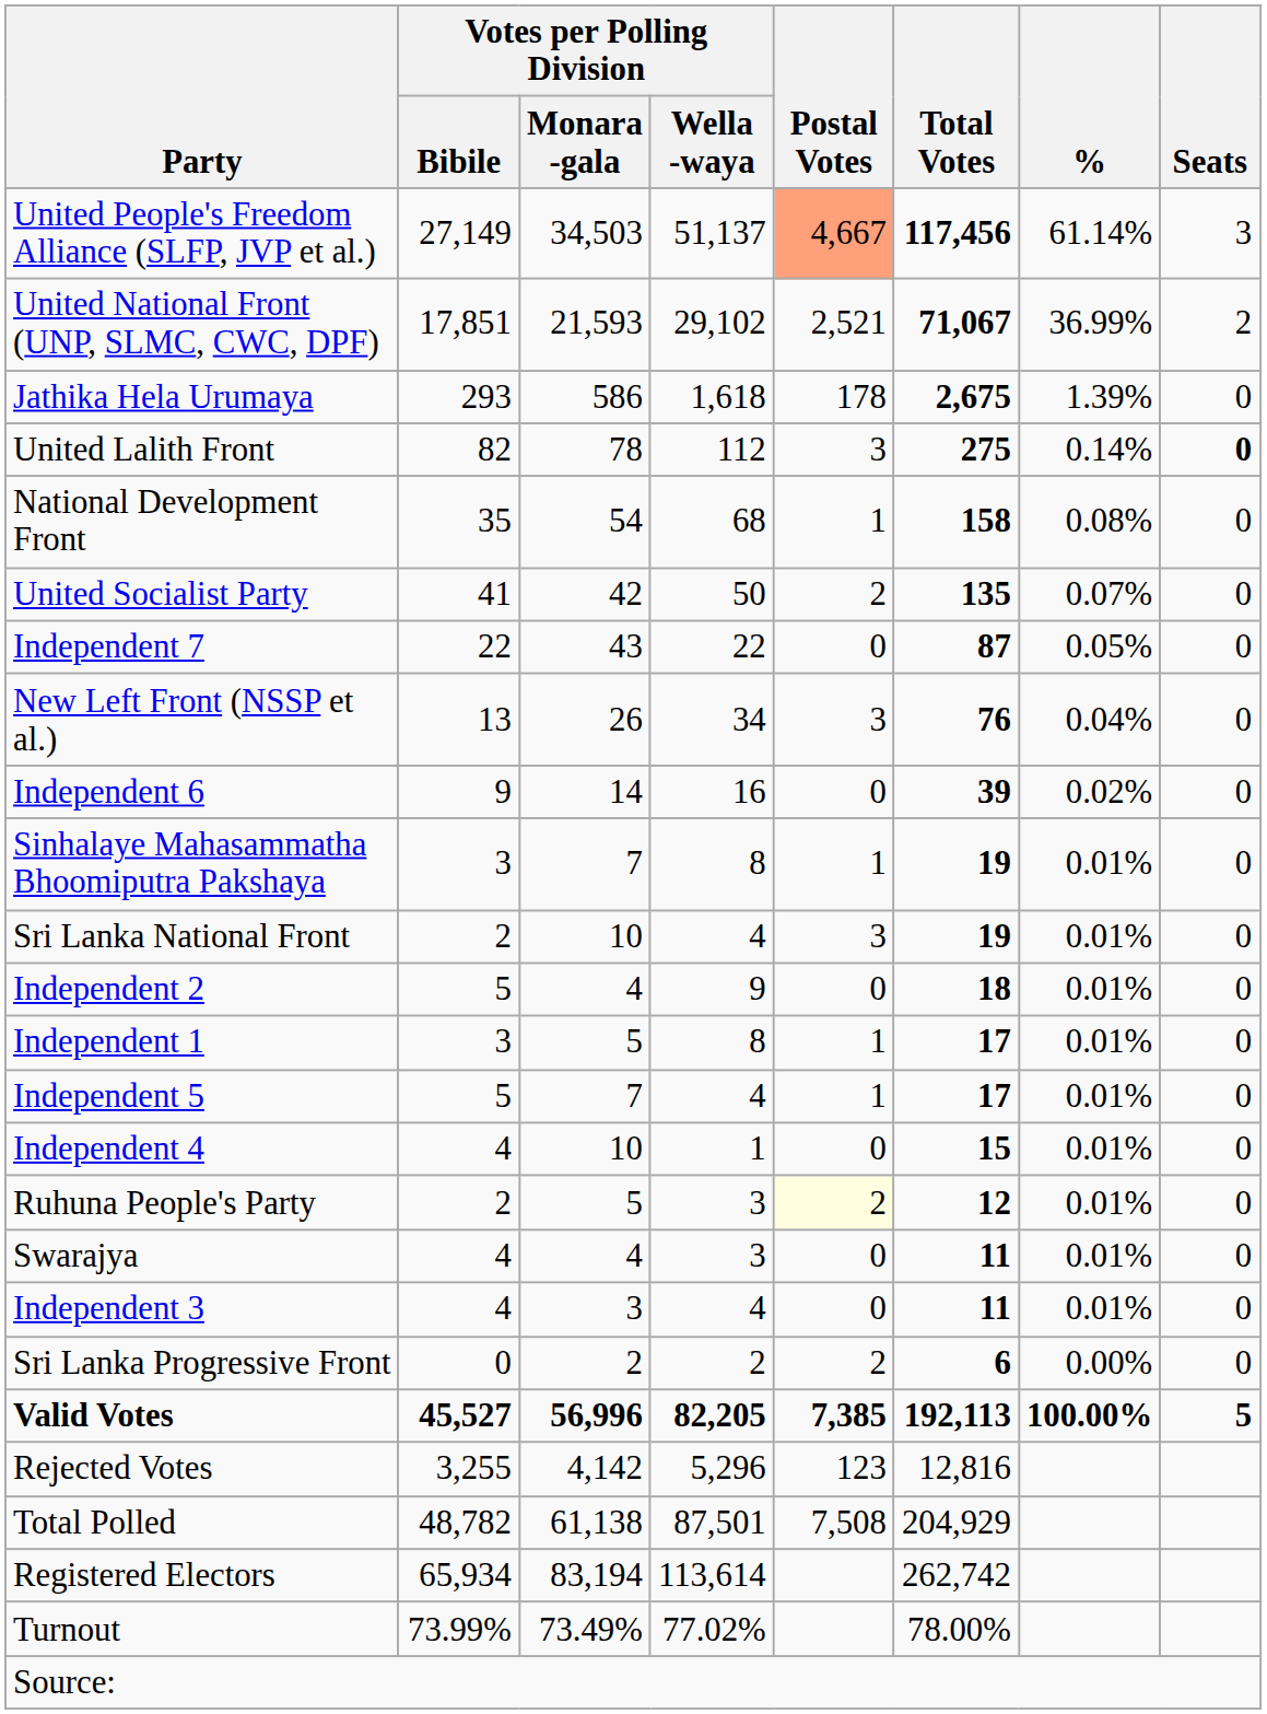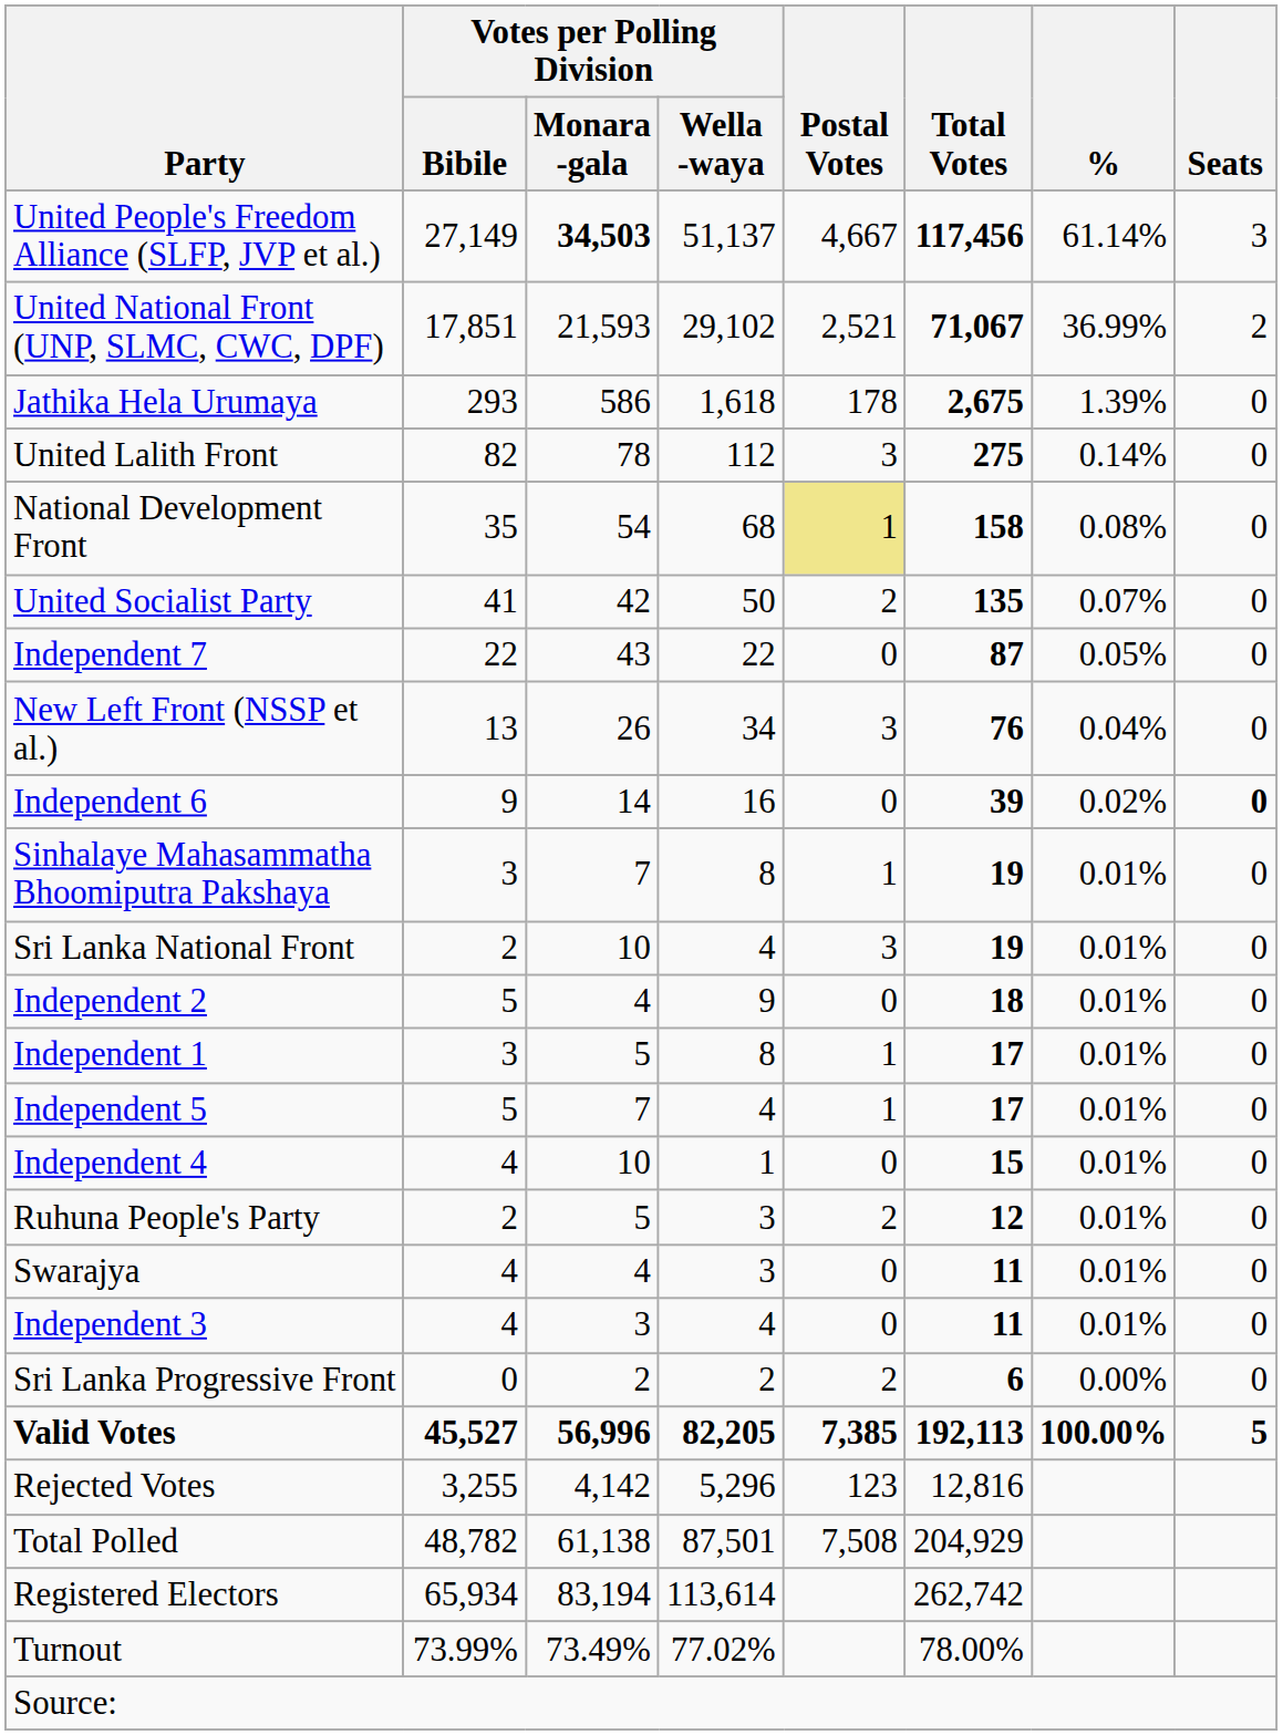 <table class="wikitable" border="1" style="text-align:right;">
 <tr>
 <th align=left valign=bottom rowspan=2 width="180">Party</th>
 <th colspan=3>Votes per Polling Division</th>
 <th align=center valign=bottom rowspan=2 width="50">Postal<br>Votes</th>
 <th align=center valign=bottom rowspan=2 width="50">Total Votes</th>
 <th align=center valign=bottom rowspan=2 width="50">%</th>
 <th align=center valign=bottom rowspan=2 width="40">Seats</th>
 </tr>
 <tr>
 <th align=center valign=bottom width="50">Bibile</th>
 <th align=center valign=bottom width="50">Monara<br>-gala</th>
 <th align=center valign=bottom width="50">Wella<br>-waya</th>
 </tr>
 <tr>
 <td align=left><a href='#'>United People's Freedom Alliance</a> (<a href='#'>SLFP</a>, <a href='#'>JVP</a> et al.)</td>
 <td>27,149</td>
-<td>34,503</td>
+<td><strong>34,503</strong></td>
 <td>51,137</td>
-<td style="background: lightsalmon;">4,667</td>
+<td>4,667</td>
 <td><strong>117,456</strong></td>
 <td>61.14%</td>
 <td>3</td>
 </tr>
 <tr>
 <td align=left><a href='#'>United National Front</a><br>(<a href='#'>UNP</a>, <a href='#'>SLMC</a>, <a href='#'>CWC</a>, <a href='#'>DPF</a>)</td>
 <td>17,851</td>
 <td>21,593</td>
 <td>29,102</td>
 <td>2,521</td>
 <td><strong>71,067</strong></td>
 <td>36.99%</td>
 <td>2</td>
 </tr>
 <tr>
 <td align=left><a href='#'>Jathika Hela Urumaya</a></td>
 <td>293</td>
 <td>586</td>
 <td>1,618</td>
 <td>178</td>
 <td><strong>2,675</strong></td>
 <td>1.39%</td>
 <td>0</td>
 </tr>
 <tr>
 <td align=left>United Lalith Front</td>
 <td>82</td>
 <td>78</td>
 <td>112</td>
 <td>3</td>
 <td><strong>275</strong></td>
 <td>0.14%</td>
-<td><strong>0</strong></td>
+<td>0</td>
 </tr>
 <tr>
 <td align=left>National Development Front</td>
 <td>35</td>
 <td>54</td>
 <td>68</td>
-<td>1</td>
+<td style="background: khaki;">1</td>
 <td><strong>158</strong></td>
 <td>0.08%</td>
 <td>0</td>
 </tr>
 <tr>
 <td align=left><a href='#'>United Socialist Party</a></td>
 <td>41</td>
 <td>42</td>
 <td>50</td>
 <td>2</td>
 <td><strong>135</strong></td>
 <td>0.07%</td>
 <td>0</td>
 </tr>
 <tr>
 <td align=left><a href='#'>Independent 7</a></td>
 <td>22</td>
 <td>43</td>
 <td>22</td>
 <td>0</td>
 <td><strong>87</strong></td>
 <td>0.05%</td>
 <td>0</td>
 </tr>
 <tr>
 <td align=left><a href='#'>New Left Front</a> (<a href='#'>NSSP</a> et al.)</td>
 <td>13</td>
 <td>26</td>
 <td>34</td>
 <td>3</td>
 <td><strong>76</strong></td>
 <td>0.04%</td>
 <td>0</td>
 </tr>
 <tr>
 <td align=left><a href='#'>Independent 6</a></td>
 <td>9</td>
 <td>14</td>
 <td>16</td>
 <td>0</td>
 <td><strong>39</strong></td>
 <td>0.02%</td>
-<td>0</td>
+<td><strong>0</strong></td>
 </tr>
 <tr>
 <td align=left><a href='#'>Sinhalaye Mahasammatha Bhoomiputra Pakshaya</a></td>
 <td>3</td>
 <td>7</td>
 <td>8</td>
 <td>1</td>
 <td><strong>19</strong></td>
 <td>0.01%</td>
 <td>0</td>
 </tr>
 <tr>
 <td align=left>Sri Lanka National Front</td>
 <td>2</td>
 <td>10</td>
 <td>4</td>
 <td>3</td>
 <td><strong>19</strong></td>
 <td>0.01%</td>
 <td>0</td>
 </tr>
 <tr>
 <td align=left><a href='#'>Independent 2</a></td>
 <td>5</td>
 <td>4</td>
 <td>9</td>
 <td>0</td>
 <td><strong>18</strong></td>
 <td>0.01%</td>
 <td>0</td>
 </tr>
 <tr>
 <td align=left><a href='#'>Independent 1</a></td>
 <td>3</td>
 <td>5</td>
 <td>8</td>
 <td>1</td>
 <td><strong>17</strong></td>
 <td>0.01%</td>
 <td>0</td>
 </tr>
 <tr>
 <td align=left><a href='#'>Independent 5</a></td>
 <td>5</td>
 <td>7</td>
 <td>4</td>
 <td>1</td>
 <td><strong>17</strong></td>
 <td>0.01%</td>
 <td>0</td>
 </tr>
 <tr>
 <td align=left><a href='#'>Independent 4</a></td>
 <td>4</td>
 <td>10</td>
 <td>1</td>
 <td>0</td>
 <td><strong>15</strong></td>
 <td>0.01%</td>
 <td>0</td>
 </tr>
 <tr>
 <td align=left>Ruhuna People's Party</td>
 <td>2</td>
 <td>5</td>
 <td>3</td>
-<td style="background: lightyellow;">2</td>
+<td>2</td>
 <td><strong>12</strong></td>
 <td>0.01%</td>
 <td>0</td>
 </tr>
 <tr>
 <td align=left>Swarajya</td>
 <td>4</td>
 <td>4</td>
 <td>3</td>
 <td>0</td>
 <td><strong>11</strong></td>
 <td>0.01%</td>
 <td>0</td>
 </tr>
 <tr>
 <td align=left><a href='#'>Independent 3</a></td>
 <td>4</td>
 <td>3</td>
 <td>4</td>
 <td>0</td>
 <td><strong>11</strong></td>
 <td>0.01%</td>
 <td>0</td>
 </tr>
 <tr>
 <td align=left>Sri Lanka Progressive Front</td>
 <td>0</td>
 <td>2</td>
 <td>2</td>
 <td>2</td>
 <td><strong>6</strong></td>
 <td>0.00%</td>
 <td>0</td>
 </tr>
 <tr>
 <td align=left><strong>Valid Votes</strong></td>
 <td><strong>45,527</strong></td>
 <td><strong>56,996</strong></td>
 <td><strong>82,205</strong></td>
 <td><strong>7,385</strong></td>
 <td><strong>192,113</strong></td>
 <td><strong>100.00%</strong></td>
 <td><strong>5</strong></td>
 </tr>
 <tr>
 <td align=left>Rejected Votes</td>
 <td>3,255</td>
 <td>4,142</td>
 <td>5,296</td>
 <td>123</td>
 <td>12,816</td>
 <td></td>
 <td></td>
 </tr>
 <tr>
 <td align=left>Total Polled</td>
 <td>48,782</td>
 <td>61,138</td>
 <td>87,501</td>
 <td>7,508</td>
 <td>204,929</td>
 <td></td>
 <td></td>
 </tr>
 <tr>
 <td align=left>Registered Electors</td>
 <td>65,934</td>
 <td>83,194</td>
 <td>113,614</td>
 <td></td>
 <td>262,742</td>
 <td></td>
 <td></td>
 </tr>
 <tr>
 <td align=left>Turnout</td>
 <td>73.99%</td>
 <td>73.49%</td>
 <td>77.02%</td>
 <td></td>
 <td>78.00%</td>
 <td></td>
 <td></td>
 </tr>
 <tr>
 <td align=left colspan=9>Source:</td>
 </tr>
 </table>
